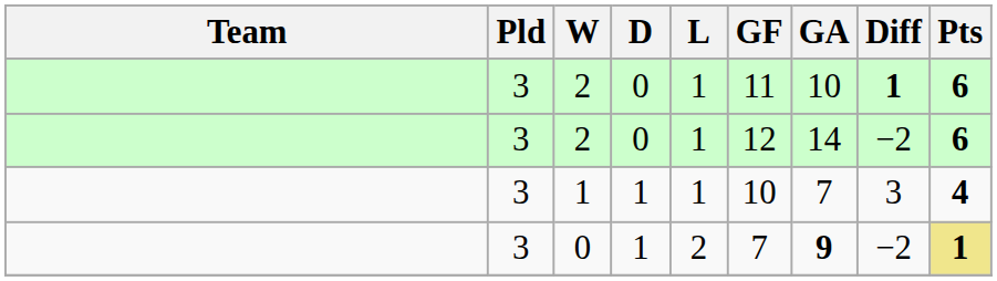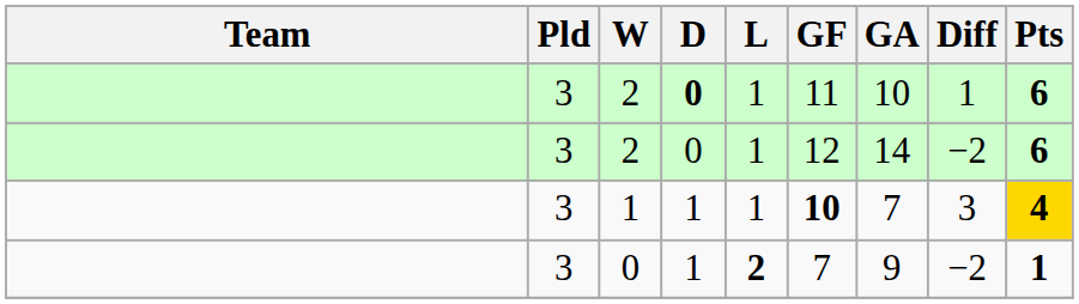 <table class="wikitable" style="text-align: center;">
 <tr>
 <th width=220>Team</th>
 <th width=20>Pld</th>
 <th width=20>W</th>
 <th width=20>D</th>
 <th width=20>L</th>
 <th width=20>GF</th>
 <th width=20>GA</th>
 <th width=20>Diff</th>
 <th width=20>Pts</th>
 </tr>
 <tr bgcolor=ccffcc>
 <td align="left"></td>
 <td>3</td>
 <td>2</td>
-<td>0</td>
+<td><strong>0</strong></td>
 <td>1</td>
 <td>11</td>
 <td>10</td>
-<td><strong>1</strong></td>
+<td>1</td>
 <td><strong>6</strong></td>
 </tr>
 <tr bgcolor=ccffcc>
 <td align="left"></td>
 <td>3</td>
 <td>2</td>
 <td>0</td>
 <td>1</td>
 <td>12</td>
 <td>14</td>
 <td>−2</td>
 <td><strong>6</strong></td>
 </tr>
 <tr>
 <td align="left"></td>
 <td>3</td>
 <td>1</td>
 <td>1</td>
 <td>1</td>
-<td>10</td>
+<td><strong>10</strong></td>
 <td>7</td>
 <td>3</td>
-<td><strong>4</strong></td>
+<td style="background: gold;"><strong>4</strong></td>
 </tr>
 <tr>
 <td align="left"></td>
 <td>3</td>
 <td>0</td>
 <td>1</td>
-<td>2</td>
+<td><strong>2</strong></td>
 <td>7</td>
-<td><strong>9</strong></td>
+<td>9</td>
 <td>−2</td>
-<td style="background: khaki;"><strong>1</strong></td>
+<td><strong>1</strong></td>
 </tr>
 <tr>
 </tr>
 </table>
